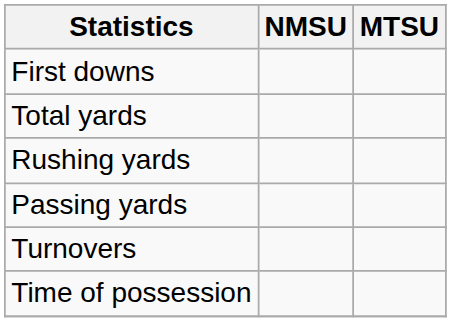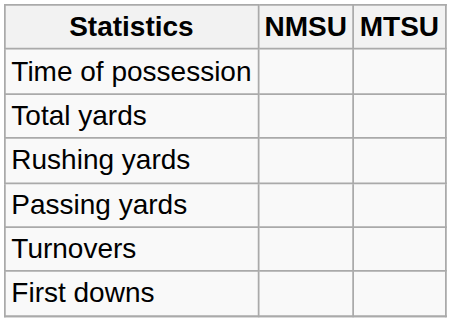 <table class="wikitable">
 <tr>
 <th>Statistics</th>
 <th>NMSU</th>
 <th>MTSU</th>
 </tr>
 <tr>
-<td>First downs</td>
+<td>Time of possession</td>
 <td></td>
 <td></td>
 </tr>
 <tr>
 <td>Total yards</td>
 <td></td>
 <td></td>
 </tr>
 <tr>
 <td>Rushing yards</td>
 <td></td>
 <td></td>
 </tr>
 <tr>
 <td>Passing yards</td>
 <td></td>
 <td></td>
 </tr>
 <tr>
 <td>Turnovers</td>
 <td></td>
 <td></td>
 </tr>
 <tr>
-<td>Time of possession</td>
+<td>First downs</td>
 <td></td>
 <td></td>
 </tr>
 <tr>
 </tr>
 </table>
